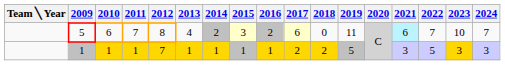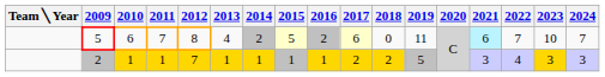 <table class=wikitable style="text-align:center; font-size:90%;">
 <tr>
 <th>Team ╲ Year</th>
 <th><a href='#'>2009</a></th>
 <th><a href='#'>2010</a></th>
 <th><a href='#'>2011</a></th>
 <th><a href='#'>2012</a></th>
 <th><a href='#'>2013</a></th>
 <th><a href='#'>2014</a></th>
 <th><a href='#'>2015</a></th>
 <th><a href='#'>2016</a></th>
 <th><a href='#'>2017</a></th>
 <th><a href='#'>2018</a></th>
 <th><a href='#'>2019</a></th>
 <th><a href='#'>2020</a></th>
 <th><a href='#'>2021</a></th>
 <th><a href='#'>2022</a></th>
 <th><a href='#'>2023</a></th>
 <th><a href='#'>2024</a></th>
 </tr>
 <tr>
 <td align=left><strong></strong></td>
 <td style="border: 2px solid red;">5</td>
 <td style="border: 2px solid orange;">6</td>
 <td style="border: 2px solid orange;">7</td>
 <td style="border: 2px solid orange;">8</td>
 <td>4</td>
 <td bgcolor="silver">2</td>
-<td bgcolor=FFFFCC>3</td>
+<td bgcolor=FFFFCC>5</td>
 <td bgcolor="silver">2</td>
 <td bgcolor=FFFFCC>6</td>
 <td>0</td>
 <td>11</td>
 <td bgcolor=D3D3D3 rowspan=2>C</td>
 <td bgcolor=BBF3FF>6</td>
 <td>7</td>
 <td>10</td>
 <td>7</td>
 </tr>
 <tr>
 <td align=left><strong></strong></td>
-<td bgcolor=silver>1</td>
+<td bgcolor=silver>2</td>
 <td bgcolor=gold>1</td>
 <td bgcolor=gold>1</td>
 <td bgcolor=gold>7</td>
 <td bgcolor=gold>1</td>
 <td bgcolor=gold>1</td>
 <td bgcolor=silver>1</td>
 <td bgcolor=gold>1</td>
 <td bgcolor=gold>2</td>
 <td bgcolor=gold>2</td>
 <td bgcolor=silver>5</td>
 <td bgcolor=CCCCFF>3</td>
-<td bgcolor=CCCCFF>5</td>
+<td bgcolor=CCCCFF>4</td>
 <td bgcolor=gold>3</td>
 <td bgcolor=CCCCFF>3</td>
 </tr>
 </table>
